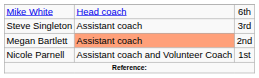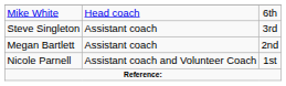 <table class="wikitable" style="font-size:93%;">
 <tr>
 </tr>
 <tr>
 <td><a href='#'>Mike White</a></td>
 <td><a href='#'>Head coach</a></td>
 <td align=center>6th</td>
 </tr>
 <tr>
 <td>Steve Singleton</td>
 <td>Assistant coach</td>
 <td align=center>3rd</td>
 </tr>
 <tr>
 <td>Megan Bartlett</td>
-<td style="background: lightsalmon;">Assistant coach</td>
+<td>Assistant coach</td>
 <td align=center>2nd</td>
 </tr>
 <tr>
 <td>Nicole Parnell</td>
 <td>Assistant coach and Volunteer Coach</td>
 <td align=center>1st</td>
 </tr>
 <tr>
 <td colspan="4"  style="font-size:8pt; text-align:center;"><strong>Reference:</strong></td>
 </tr>
 </table>
